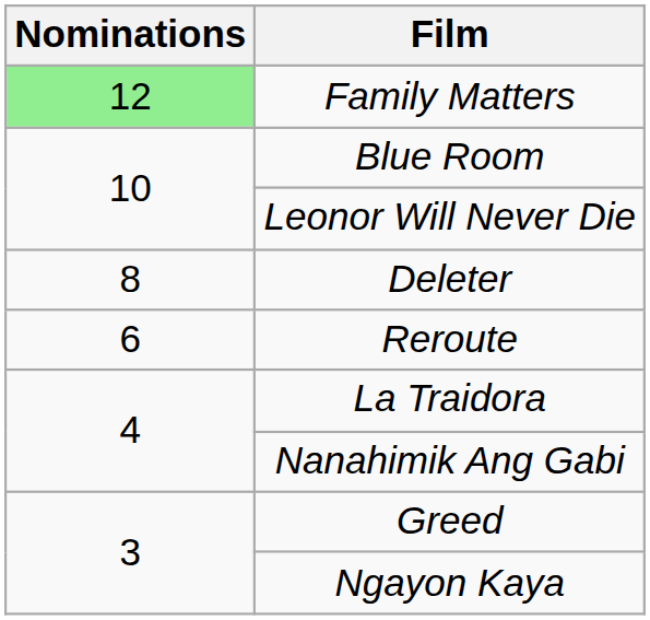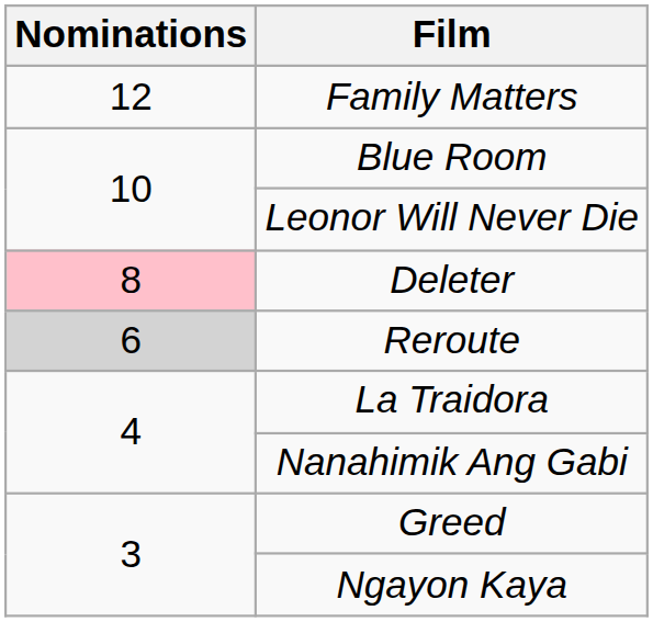 <table class="wikitable plainrowheaders" style="text-align: center; float:left; margin-right:1em;">
 <tr>
 <th scope="col" style="width:55px;">Nominations</th>
 <th scope="col" style="text-align:center;">Film</th>
 </tr>
 <tr>
-<td style="background: lightgreen;">12</td>
+<td>12</td>
 <td><em>Family Matters</em></td>
 </tr>
 <tr>
 <td rowspan="2">10</td>
 <td><em>Blue Room</em></td>
 </tr>
 <tr>
 <td><em>Leonor Will Never Die</em></td>
 </tr>
 <tr>
-<td>8</td>
+<td style="background: pink;">8</td>
 <td><em>Deleter</em></td>
 </tr>
 <tr>
-<td>6</td>
+<td style="background: lightgrey;">6</td>
 <td><em>Reroute</em></td>
 </tr>
 <tr>
 <td rowspan="2">4</td>
 <td><em>La Traidora</em></td>
 </tr>
 <tr>
 <td><em>Nanahimik Ang Gabi</em></td>
 </tr>
 <tr>
 <td rowspan="2">3</td>
 <td><em>Greed</em></td>
 </tr>
 <tr>
 <td><em>Ngayon Kaya</em></td>
 </tr>
 </table>
